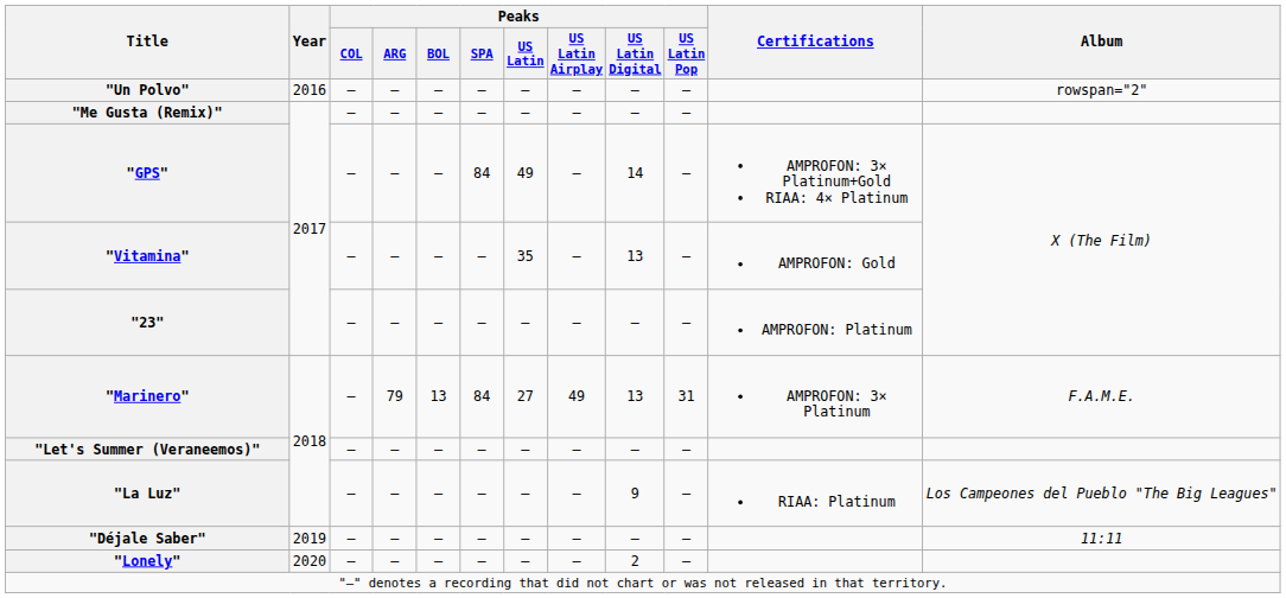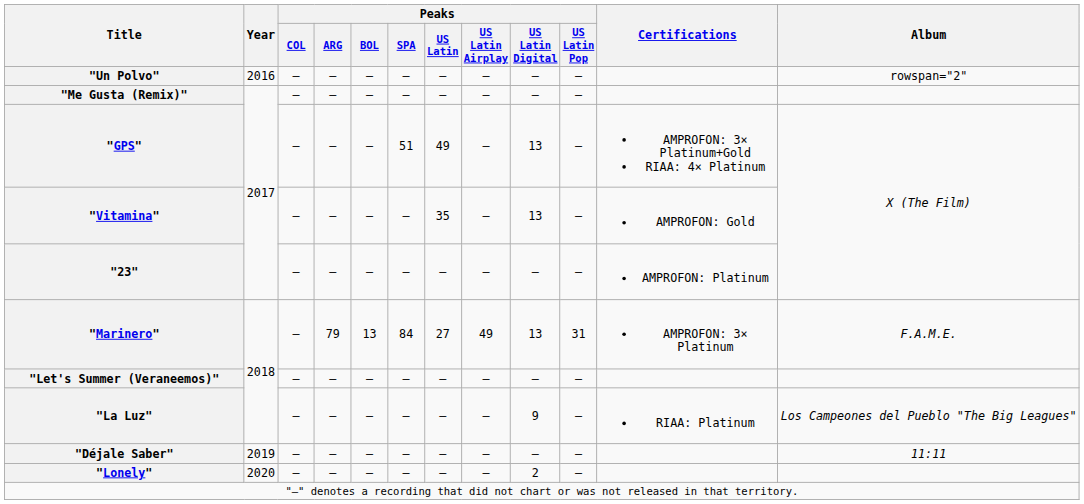 <table class="wikitable plainrowheaders" style="text-align:center;">
 <tr>
 <th scope="col" rowspan="2" style="width:20em;">Title</th>
 <th scope="col" rowspan="2">Year</th>
 <th scope="col" colspan="8">Peaks</th>
 <th scope="col" rowspan="2" style="width:15em;"><a href='#'>Certifications</a></th>
 <th scope="col" rowspan="2">Album</th>
 </tr>
 <tr>
 <th scope="col" style="width:3em;font-size:90%;"><a href='#'>COL</a><br></th>
 <th scope="col" style="width:3em;font-size:90%;"><a href='#'>ARG</a><br></th>
 <th scope="col" style="width:3em;font-size:90%;"><a href='#'>BOL</a><br></th>
 <th scope="col" style="width:3em;font-size:90%;"><a href='#'>SPA</a><br></th>
 <th scope="col" style="width:3em;font-size:90%;"><a href='#'>US<br>Latin</a><br></th>
 <th scope="col" style="width:3em;font-size:90%;"><a href='#'>US<br>Latin<br>Airplay</a><br></th>
 <th scope="col" style="width:3em;font-size:90%;"><a href='#'>US<br>Latin<br>Digital</a><br></th>
 <th scope="col" style="width:3em;font-size:90%;"><a href='#'>US<br>Latin<br>Pop</a><br></th>
 </tr>
 <tr>
 <th scope="row">"Un Polvo"<br></th>
 <td>2016</td>
 <td>—</td>
 <td>—</td>
 <td>—</td>
 <td>—</td>
 <td>—</td>
 <td>—</td>
 <td>—</td>
 <td>—</td>
 <td></td>
 <td>rowspan="2" </td>
 </tr>
 <tr>
 <th scope="row">"Me Gusta (Remix)"<br></th>
 <td rowspan="4">2017</td>
 <td>—</td>
 <td>—</td>
 <td>—</td>
 <td>—</td>
 <td>—</td>
 <td>—</td>
 <td>—</td>
 <td>—</td>
 <td></td>
 </tr>
 <tr>
 <th scope="row">"<a href='#'>GPS</a>"<br></th>
 <td>—</td>
 <td>—</td>
 <td>—</td>
-<td>84</td>
+<td>51</td>
 <td>49</td>
 <td>—</td>
-<td>14</td>
+<td>13</td>
 <td>—</td>
 <td><br><ul><li>AMPROFON: 3× Platinum+Gold</li><li>RIAA: 4× Platinum </li></ul></td>
 <td rowspan="3"><em>X (The Film)</em></td>
 </tr>
 <tr>
 <th scope="row">"<a href='#'>Vitamina</a>"<br></th>
 <td>—</td>
 <td>—</td>
 <td>—</td>
 <td>—</td>
 <td>35</td>
 <td>—</td>
 <td>13</td>
 <td>—</td>
 <td><br><ul><li>AMPROFON: Gold</li></ul></td>
 </tr>
 <tr>
 <th scope="row">"23"</th>
 <td>—</td>
 <td>—</td>
 <td>—</td>
 <td>—</td>
 <td>—</td>
 <td>—</td>
 <td>—</td>
 <td>—</td>
 <td><br><ul><li>AMPROFON: Platinum</li></ul></td>
 </tr>
 <tr>
 <th scope="row">"<a href='#'>Marinero</a>"</th>
 <td rowspan="3">2018</td>
 <td>—</td>
 <td>79</td>
 <td>13</td>
 <td>84</td>
 <td>27</td>
 <td>49</td>
 <td>13</td>
 <td>31</td>
 <td><br><ul><li>AMPROFON: 3× Platinum</li></ul></td>
 <td><em>F.A.M.E.</em></td>
 </tr>
 <tr>
 <th scope="row">"Let's Summer (Veraneemos)"<br></th>
 <td>—</td>
 <td>—</td>
 <td>—</td>
 <td>—</td>
 <td>—</td>
 <td>—</td>
 <td>—</td>
 <td>—</td>
 <td></td>
 <td></td>
 </tr>
 <tr>
 <th scope="row">"La Luz"<br></th>
 <td>—</td>
 <td>—</td>
 <td>—</td>
 <td>—</td>
 <td>—</td>
 <td>—</td>
 <td>9</td>
 <td>—</td>
 <td><br><ul><li>RIAA: Platinum </li></ul></td>
 <td><em>Los Campeones del Pueblo "The Big Leagues"</em></td>
 </tr>
 <tr>
 <th scope="row">"Déjale Saber"</th>
 <td>2019</td>
 <td>—</td>
 <td>—</td>
 <td>—</td>
 <td>—</td>
 <td>—</td>
 <td>—</td>
 <td>—</td>
 <td>—</td>
 <td></td>
 <td><em>11:11</em></td>
 </tr>
 <tr>
 <th scope="row">"<a href='#'>Lonely</a>"<br></th>
 <td>2020</td>
 <td>—</td>
 <td>—</td>
 <td>—</td>
 <td>—</td>
 <td>—</td>
 <td>—</td>
 <td>2</td>
 <td>—</td>
 <td></td>
 <td></td>
 </tr>
 <tr>
 <td colspan="14" style="font-size:90%">"—" denotes a recording that did not chart or was not released in that territory.</td>
 </tr>
 </table>
